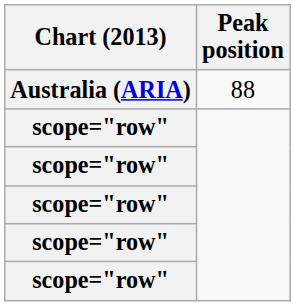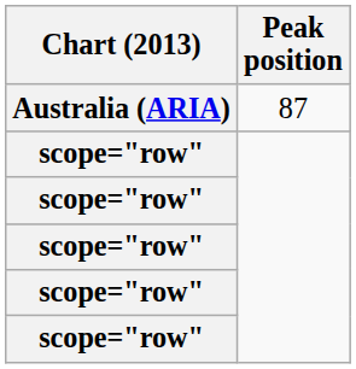 <table class="wikitable sortable plainrowheaders" style="text-align:center;">
 <tr>
 <th scope="col">Chart (2013)</th>
 <th scope="col">Peak<br>position</th>
 </tr>
 <tr>
 <th scope="row">Australia (<a href='#'>ARIA</a>)</th>
-<td style="text-align:center;">88</td>
+<td style="text-align:center;">87</td>
 </tr>
 <tr>
 <th>scope="row"</th>
 </tr>
 <tr>
 <th>scope="row"</th>
 </tr>
 <tr>
 <th>scope="row" </th>
 </tr>
 <tr>
 <th>scope="row" </th>
 </tr>
 <tr>
 <th>scope="row" </th>
 </tr>
 </table>
